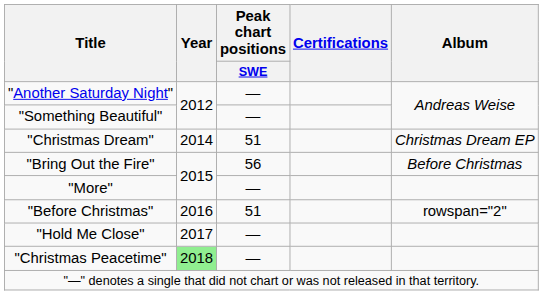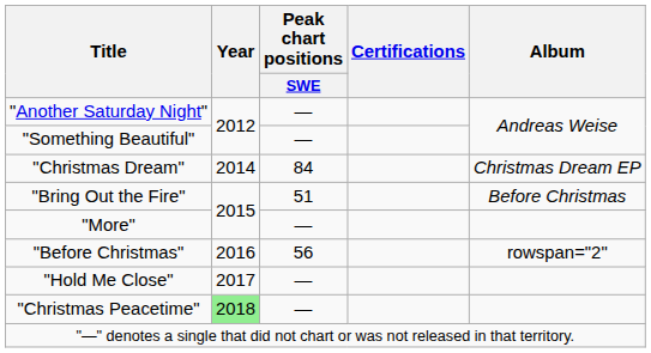 <table class="wikitable plainrowheaders" style="text-align:center;">
 <tr>
 <th scope="col" rowspan="2">Title</th>
 <th scope="col" rowspan="2">Year</th>
 <th scope="col" colspan="1">Peak chart positions</th>
 <th scope="col" rowspan="2"><a href='#'>Certifications</a></th>
 <th scope="col" rowspan="2">Album</th>
 </tr>
 <tr>
 <th scope="col" style="width:3em;font-size:85%;"><a href='#'>SWE</a><br></th>
 </tr>
 <tr>
 <td scope="row">"<a href='#'>Another Saturday Night</a>"</td>
 <td rowspan="2">2012</td>
 <td>—</td>
 <td></td>
 <td rowspan="2"><em>Andreas Weise</em></td>
 </tr>
 <tr>
 <td scope="row">"Something Beautiful"</td>
 <td>—</td>
 <td></td>
 </tr>
 <tr>
 <td scope="row">"Christmas Dream"</td>
 <td>2014</td>
-<td>51<br></td>
+<td>84</td>
 <td></td>
 <td><em>Christmas Dream EP</em></td>
 </tr>
 <tr>
 <td scope="row">"Bring Out the Fire"</td>
 <td rowspan="2">2015</td>
-<td>56</td>
+<td>51<br></td>
 <td></td>
 <td><em>Before Christmas</em></td>
 </tr>
 <tr>
 <td scope="row">"More"</td>
 <td>—</td>
 <td></td>
 </tr>
 <tr>
 <td>"Before Christmas"</td>
 <td>2016</td>
-<td>51<br></td>
+<td>56</td>
 <td></td>
 <td>rowspan="2" </td>
 </tr>
 <tr>
 <td>"Hold Me Close"</td>
 <td>2017</td>
 <td>—</td>
 <td></td>
 <td></td>
 </tr>
 <tr>
 <td>"Christmas Peacetime"</td>
 <td style="background: lightgreen;">2018</td>
 <td>—</td>
 <td></td>
 <td></td>
 </tr>
 <tr>
 <td colspan="10" style="font-size:85%">"—" denotes a single that did not chart or was not released in that territory.</td>
 </tr>
 </table>
